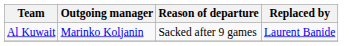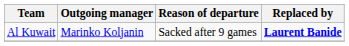 <table class="wikitable">
 <tr>
 <th>Team</th>
 <th>Outgoing manager</th>
 <th>Reason of departure</th>
 <th>Replaced by</th>
 </tr>
 <tr>
 <td><a href='#'>Al Kuwait</a></td>
 <td> <a href='#'>Marinko Koljanin</a></td>
 <td>Sacked after 9 games</td>
-<td> <a href='#'>Laurent Banide</a></td>
+<td><strong> <a href='#'>Laurent Banide</a></strong></td>
 </tr>
 <tr>
 </tr>
 </table>
